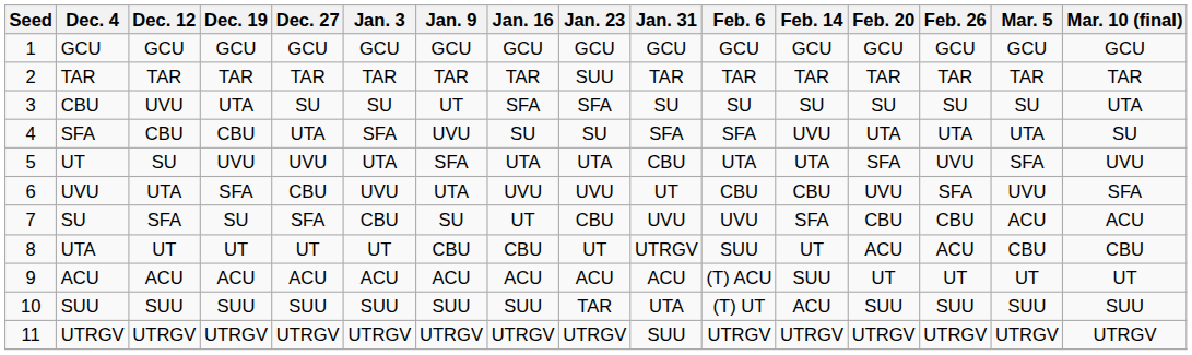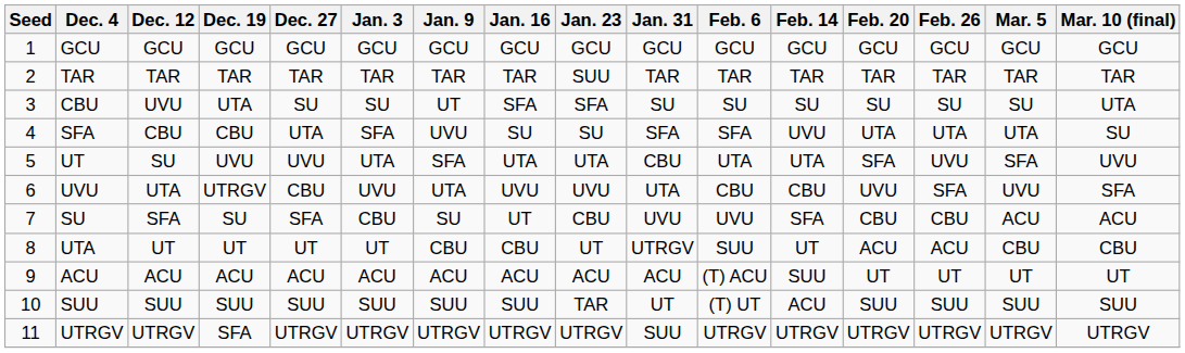 <table class="wikitable" style="white-space:nowrap; font-size:95%;text-align:center">
 <tr>
 <th>Seed</th>
 <th>Dec. 4</th>
 <th>Dec. 12</th>
 <th>Dec. 19</th>
 <th>Dec. 27</th>
 <th>Jan. 3</th>
 <th>Jan. 9</th>
 <th>Jan. 16</th>
 <th>Jan. 23</th>
 <th>Jan. 31</th>
 <th>Feb. 6</th>
 <th>Feb. 14</th>
 <th>Feb. 20</th>
 <th>Feb. 26</th>
 <th>Mar. 5</th>
 <th>Mar. 10 (final)</th>
 </tr>
 <tr>
 <td>1</td>
 <td align="left">GCU</td>
 <td>GCU</td>
 <td>GCU</td>
 <td>GCU</td>
 <td>GCU</td>
 <td>GCU</td>
 <td>GCU</td>
 <td>GCU</td>
 <td>GCU</td>
 <td>GCU</td>
 <td>GCU</td>
 <td>GCU</td>
 <td>GCU</td>
 <td>GCU</td>
 <td>GCU</td>
 </tr>
 <tr>
 <td>2</td>
 <td align="left">TAR</td>
 <td>TAR</td>
 <td>TAR</td>
 <td>TAR</td>
 <td>TAR</td>
 <td>TAR</td>
 <td>TAR</td>
 <td>SUU</td>
 <td>TAR</td>
 <td>TAR</td>
 <td>TAR</td>
 <td>TAR</td>
 <td>TAR</td>
 <td>TAR</td>
 <td>TAR</td>
 </tr>
 <tr>
 <td>3</td>
 <td align="left">CBU</td>
 <td>UVU</td>
 <td>UTA</td>
 <td>SU</td>
 <td>SU</td>
 <td>UT</td>
 <td>SFA</td>
 <td>SFA</td>
 <td>SU</td>
 <td>SU</td>
 <td>SU</td>
 <td>SU</td>
 <td>SU</td>
 <td>SU</td>
 <td>UTA</td>
 </tr>
 <tr>
 <td>4</td>
 <td align="left">SFA</td>
 <td>CBU</td>
 <td>CBU</td>
 <td>UTA</td>
 <td>SFA</td>
 <td>UVU</td>
 <td>SU</td>
 <td>SU</td>
 <td>SFA</td>
 <td>SFA</td>
 <td>UVU</td>
 <td>UTA</td>
 <td>UTA</td>
 <td>UTA</td>
 <td>SU</td>
 </tr>
 <tr>
 <td>5</td>
 <td align="left">UT</td>
 <td>SU</td>
 <td>UVU</td>
 <td>UVU</td>
 <td>UTA</td>
 <td>SFA</td>
 <td>UTA</td>
 <td>UTA</td>
 <td>CBU</td>
 <td>UTA</td>
 <td>UTA</td>
 <td>SFA</td>
 <td>UVU</td>
 <td>SFA</td>
 <td>UVU</td>
 </tr>
 <tr>
 <td>6</td>
 <td align="left">UVU</td>
 <td>UTA</td>
-<td>SFA</td>
+<td>UTRGV</td>
 <td>CBU</td>
 <td>UVU</td>
 <td>UTA</td>
 <td>UVU</td>
 <td>UVU</td>
-<td>UT</td>
+<td>UTA</td>
 <td>CBU</td>
 <td>CBU</td>
 <td>UVU</td>
 <td>SFA</td>
 <td>UVU</td>
 <td>SFA</td>
 </tr>
 <tr>
 <td>7</td>
 <td align="left">SU</td>
 <td>SFA</td>
 <td>SU</td>
 <td>SFA</td>
 <td>CBU</td>
 <td>SU</td>
 <td>UT</td>
 <td>CBU</td>
 <td>UVU</td>
 <td>UVU</td>
 <td>SFA</td>
 <td>CBU</td>
 <td>CBU</td>
 <td>ACU</td>
 <td>ACU</td>
 </tr>
 <tr>
 <td>8</td>
 <td align="left">UTA</td>
 <td>UT</td>
 <td>UT</td>
 <td>UT</td>
 <td>UT</td>
 <td>CBU</td>
 <td>CBU</td>
 <td>UT</td>
 <td>UTRGV</td>
 <td>SUU</td>
 <td>UT</td>
 <td>ACU</td>
 <td>ACU</td>
 <td>CBU</td>
 <td>CBU</td>
 </tr>
 <tr>
 <td>9</td>
 <td align="left">ACU</td>
 <td>ACU</td>
 <td>ACU</td>
 <td>ACU</td>
 <td>ACU</td>
 <td>ACU</td>
 <td>ACU</td>
 <td>ACU</td>
 <td>ACU</td>
 <td>(T) ACU</td>
 <td>SUU</td>
 <td>UT</td>
 <td>UT</td>
 <td>UT</td>
 <td>UT</td>
 </tr>
 <tr>
 <td>10</td>
 <td align="left">SUU</td>
 <td>SUU</td>
 <td>SUU</td>
 <td>SUU</td>
 <td>SUU</td>
 <td>SUU</td>
 <td>SUU</td>
 <td>TAR</td>
-<td>UTA</td>
+<td>UT</td>
 <td>(T) UT</td>
 <td>ACU</td>
 <td>SUU</td>
 <td>SUU</td>
 <td>SUU</td>
 <td>SUU</td>
 </tr>
 <tr>
 <td>11</td>
 <td align="left">UTRGV</td>
 <td>UTRGV</td>
-<td>UTRGV</td>
+<td>SFA</td>
 <td>UTRGV</td>
 <td>UTRGV</td>
 <td>UTRGV</td>
 <td>UTRGV</td>
 <td>UTRGV</td>
 <td>SUU</td>
 <td>UTRGV</td>
 <td>UTRGV</td>
 <td>UTRGV</td>
 <td>UTRGV</td>
 <td>UTRGV</td>
 <td>UTRGV</td>
 </tr>
 <tr>
 </tr>
 </table>
